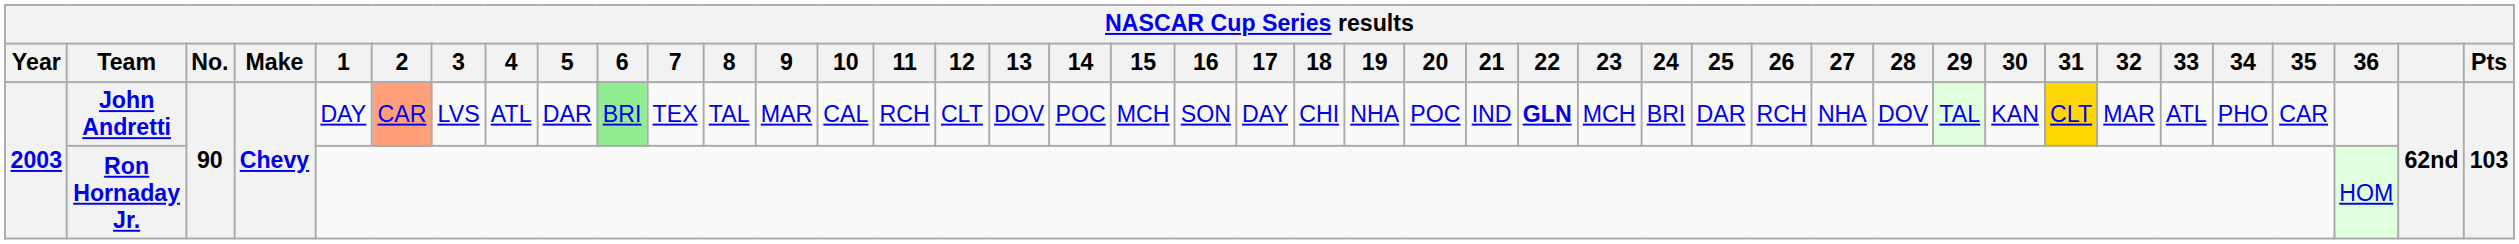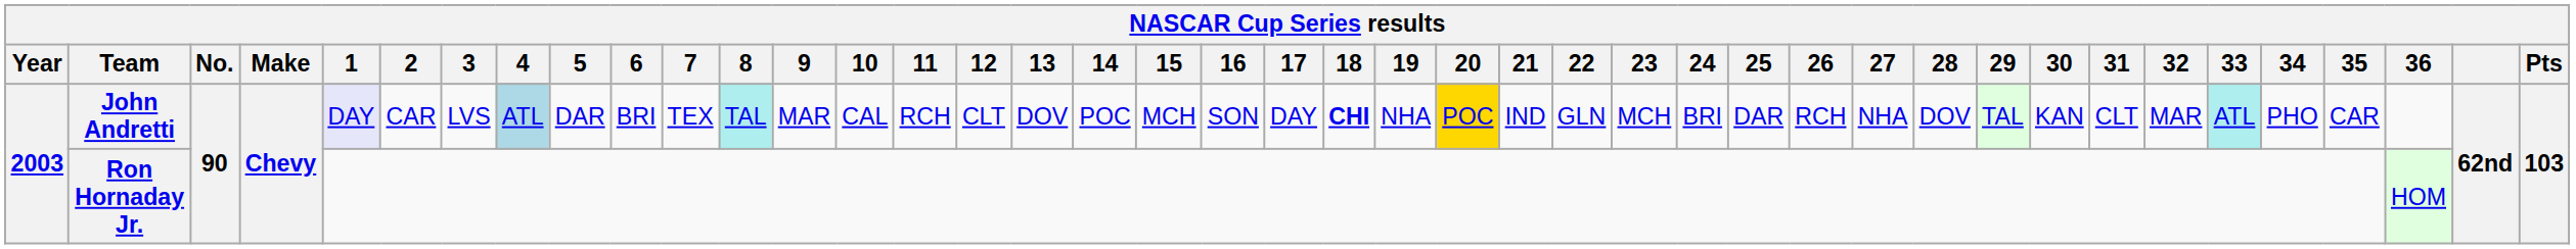 <table class="wikitable mw-collapsible mw-collapsed" style="text-align:center; font-size:75%">
 <tr>
 <th colspan=45><a href='#'>NASCAR Cup Series</a> results</th>
 </tr>
 <tr>
 <th>Year</th>
 <th>Team</th>
 <th>No.</th>
 <th>Make</th>
 <th>1</th>
 <th>2</th>
 <th>3</th>
 <th>4</th>
 <th>5</th>
 <th>6</th>
 <th>7</th>
 <th>8</th>
 <th>9</th>
 <th>10</th>
 <th>11</th>
 <th>12</th>
 <th>13</th>
 <th>14</th>
 <th>15</th>
 <th>16</th>
 <th>17</th>
 <th>18</th>
 <th>19</th>
 <th>20</th>
 <th>21</th>
 <th>22</th>
 <th>23</th>
 <th>24</th>
 <th>25</th>
 <th>26</th>
 <th>27</th>
 <th>28</th>
 <th>29</th>
 <th>30</th>
 <th>31</th>
 <th>32</th>
 <th>33</th>
 <th>34</th>
 <th>35</th>
 <th>36</th>
 <th></th>
 <th>Pts</th>
 </tr>
 <tr>
 <th rowspan=2><a href='#'>2003</a></th>
 <th><a href='#'>John Andretti</a></th>
 <th rowspan=2>90</th>
 <th rowspan=2><a href='#'>Chevy</a></th>
-<td><a href='#'>DAY</a></td>
-<td style="background: lightsalmon;"><a href='#'>CAR</a></td>
+<td style="background: lavender;"><a href='#'>DAY</a></td>
+<td><a href='#'>CAR</a></td>
 <td><a href='#'>LVS</a></td>
-<td><a href='#'>ATL</a></td>
+<td style="background: lightblue;"><a href='#'>ATL</a></td>
 <td><a href='#'>DAR</a></td>
-<td style="background: lightgreen;"><a href='#'>BRI</a></td>
+<td><a href='#'>BRI</a></td>
 <td><a href='#'>TEX</a></td>
-<td><a href='#'>TAL</a></td>
+<td style="background: paleturquoise;"><a href='#'>TAL</a></td>
 <td><a href='#'>MAR</a></td>
 <td><a href='#'>CAL</a></td>
 <td><a href='#'>RCH</a></td>
 <td><a href='#'>CLT</a></td>
 <td><a href='#'>DOV</a></td>
 <td><a href='#'>POC</a></td>
 <td><a href='#'>MCH</a></td>
 <td><a href='#'>SON</a></td>
 <td><a href='#'>DAY</a></td>
-<td><a href='#'>CHI</a></td>
+<td><strong><a href='#'>CHI</a></strong></td>
 <td><a href='#'>NHA</a></td>
-<td><a href='#'>POC</a></td>
+<td style="background: gold;"><a href='#'>POC</a></td>
 <td><a href='#'>IND</a></td>
-<td><strong><a href='#'>GLN</a></strong></td>
+<td><a href='#'>GLN</a></td>
 <td><a href='#'>MCH</a></td>
 <td><a href='#'>BRI</a></td>
 <td><a href='#'>DAR</a></td>
 <td><a href='#'>RCH</a></td>
 <td><a href='#'>NHA</a></td>
 <td><a href='#'>DOV</a></td>
 <td style="background:#DFFFDF;"><a href='#'>TAL</a><br></td>
 <td><a href='#'>KAN</a></td>
-<td style="background: gold;"><a href='#'>CLT</a></td>
+<td><a href='#'>CLT</a></td>
 <td><a href='#'>MAR</a></td>
-<td><a href='#'>ATL</a></td>
+<td style="background: paleturquoise;"><a href='#'>ATL</a></td>
 <td><a href='#'>PHO</a></td>
 <td><a href='#'>CAR</a></td>
 <td></td>
 <th rowspan=2>62nd</th>
 <th rowspan=2>103</th>
 </tr>
 <tr>
 <th><a href='#'>Ron Hornaday Jr.</a></th>
 <td colspan=35></td>
 <td style="background:#DFFFDF;"><a href='#'>HOM</a><br></td>
 </tr>
 </table>
